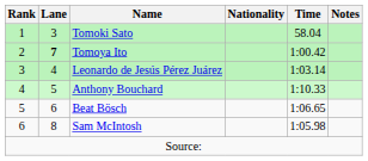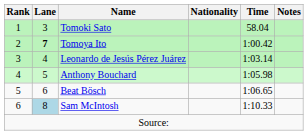 <table class="wikitable sortable" style="text-align:center">
 <tr>
 <th>Rank</th>
 <th>Lane</th>
 <th>Name</th>
 <th>Nationality</th>
 <th>Time</th>
 <th>Notes</th>
 </tr>
 <tr bgcolor=bbf3bb>
 <td>1</td>
 <td>3</td>
 <td align=left><a href='#'>Tomoki Sato</a></td>
 <td align=left></td>
 <td>58.04</td>
 <td></td>
 </tr>
 <tr bgcolor=bbf3bb>
 <td>2</td>
 <td><strong>7</strong></td>
 <td align=left><a href='#'>Tomoya Ito</a></td>
 <td align=left></td>
 <td>1:00.42</td>
 <td></td>
 </tr>
 <tr bgcolor=bbf3bb>
 <td>3</td>
 <td>4</td>
 <td align=left><a href='#'>Leonardo de Jesús Pérez Juárez</a></td>
 <td align=left></td>
 <td>1:03.14</td>
 <td></td>
 </tr>
 <tr bgcolor=ccf9cc>
 <td>4</td>
 <td>5</td>
 <td align=left><a href='#'>Anthony Bouchard</a></td>
 <td align=left></td>
-<td>1:10.33</td>
+<td>1:05.98</td>
 <td></td>
 </tr>
 <tr>
 <td>5</td>
 <td>6</td>
 <td align=left><a href='#'>Beat Bösch</a></td>
 <td align=left></td>
 <td>1:06.65</td>
 <td></td>
 </tr>
 <tr>
 <td>6</td>
-<td>8</td>
+<td style="background: lightblue;">8</td>
 <td align=left><a href='#'>Sam McIntosh</a></td>
 <td align=left></td>
-<td>1:05.98</td>
+<td>1:10.33</td>
 <td></td>
 </tr>
 <tr class="sortbottom">
 <td colspan="6">Source:</td>
 </tr>
 </table>
